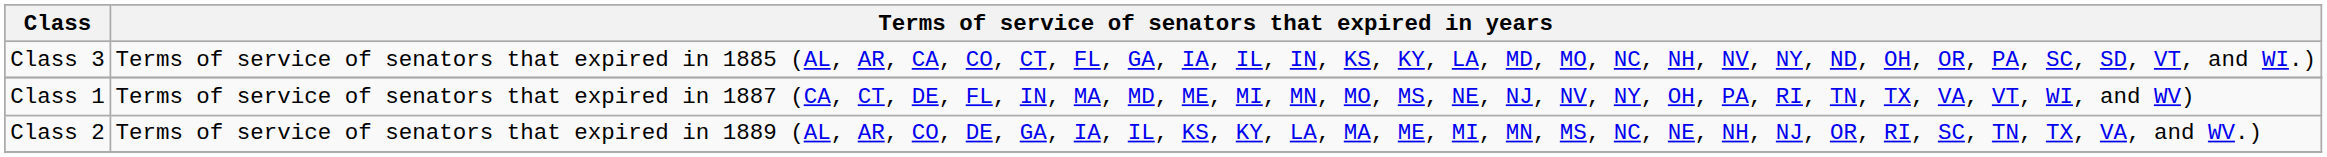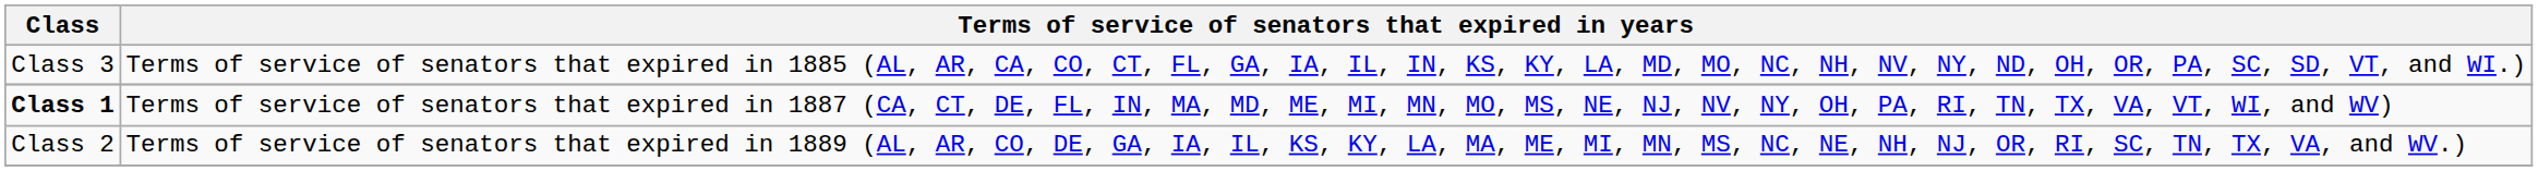 <table class="wikitable sortable">
 <tr valign=bottom>
 <th>Class</th>
 <th>Terms of service of senators that expired in years</th>
 </tr>
 <tr>
 <td>Class 3</td>
 <td>Terms of service of senators that expired in 1885 (<a href='#'>AL</a>, <a href='#'>AR</a>, <a href='#'>CA</a>, <a href='#'>CO</a>, <a href='#'>CT</a>, <a href='#'>FL</a>, <a href='#'>GA</a>, <a href='#'>IA</a>, <a href='#'>IL</a>, <a href='#'>IN</a>, <a href='#'>KS</a>, <a href='#'>KY</a>, <a href='#'>LA</a>, <a href='#'>MD</a>, <a href='#'>MO</a>, <a href='#'>NC</a>, <a href='#'>NH</a>, <a href='#'>NV</a>, <a href='#'>NY</a>, <a href='#'>ND</a>, <a href='#'>OH</a>, <a href='#'>OR</a>, <a href='#'>PA</a>, <a href='#'>SC</a>, <a href='#'>SD</a>, <a href='#'>VT</a>, and <a href='#'>WI</a>.)</td>
 </tr>
 <tr>
 </tr>
 <tr>
-<td>Class 1</td>
+<td><strong>Class 1</strong></td>
 <td>Terms of service of senators that expired in 1887 (<a href='#'>CA</a>, <a href='#'>CT</a>, <a href='#'>DE</a>, <a href='#'>FL</a>, <a href='#'>IN</a>, <a href='#'>MA</a>, <a href='#'>MD</a>, <a href='#'>ME</a>,  <a href='#'>MI</a>, <a href='#'>MN</a>, <a href='#'>MO</a>, <a href='#'>MS</a>, <a href='#'>NE</a>, <a href='#'>NJ</a>,  <a href='#'>NV</a>, <a href='#'>NY</a>, <a href='#'>OH</a>, <a href='#'>PA</a>, <a href='#'>RI</a>, <a href='#'>TN</a>, <a href='#'>TX</a>, <a href='#'>VA</a>, <a href='#'>VT</a>, <a href='#'>WI</a>, and <a href='#'>WV</a>)</td>
 </tr>
 <tr>
 <td>Class 2</td>
 <td>Terms of service of senators that expired in 1889 (<a href='#'>AL</a>, <a href='#'>AR</a>, <a href='#'>CO</a>, <a href='#'>DE</a>, <a href='#'>GA</a>, <a href='#'>IA</a>, <a href='#'>IL</a>, <a href='#'>KS</a>, <a href='#'>KY</a>, <a href='#'>LA</a>, <a href='#'>MA</a>, <a href='#'>ME</a>, <a href='#'>MI</a>, <a href='#'>MN</a>, <a href='#'>MS</a>, <a href='#'>NC</a>, <a href='#'>NE</a>, <a href='#'>NH</a>, <a href='#'>NJ</a>, <a href='#'>OR</a>, <a href='#'>RI</a>, <a href='#'>SC</a>, <a href='#'>TN</a>, <a href='#'>TX</a>, <a href='#'>VA</a>, and <a href='#'>WV</a>.)</td>
 </tr>
 <tr>
 </tr>
 </table>
